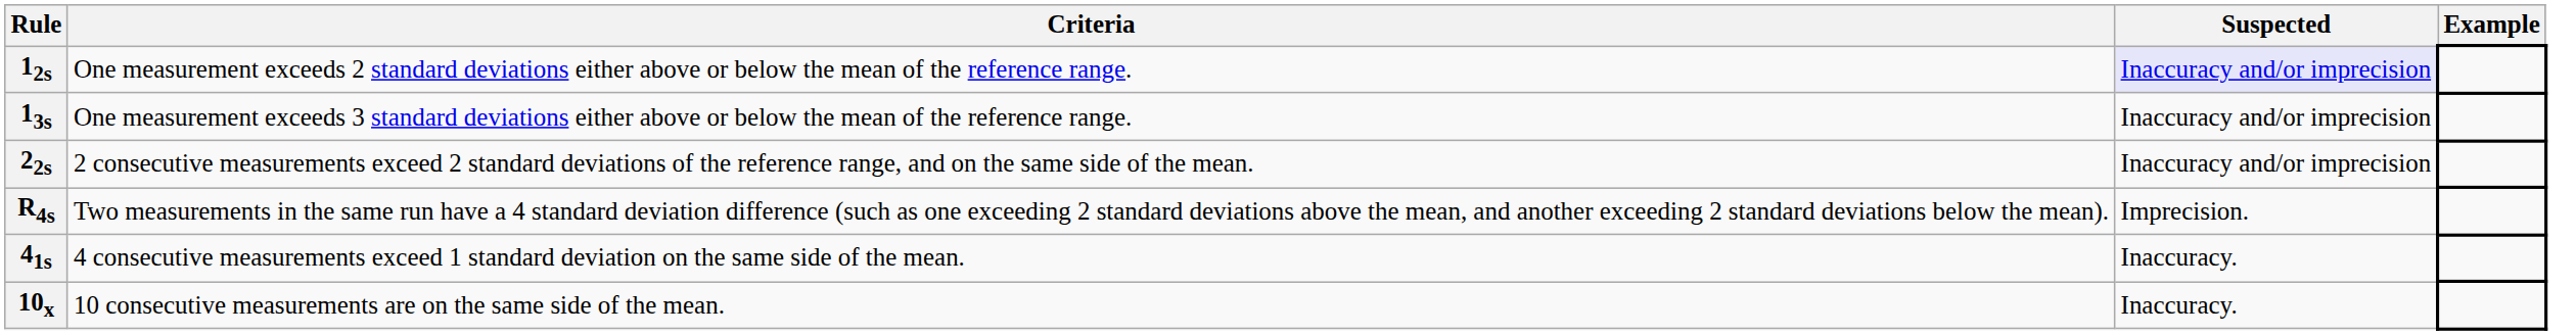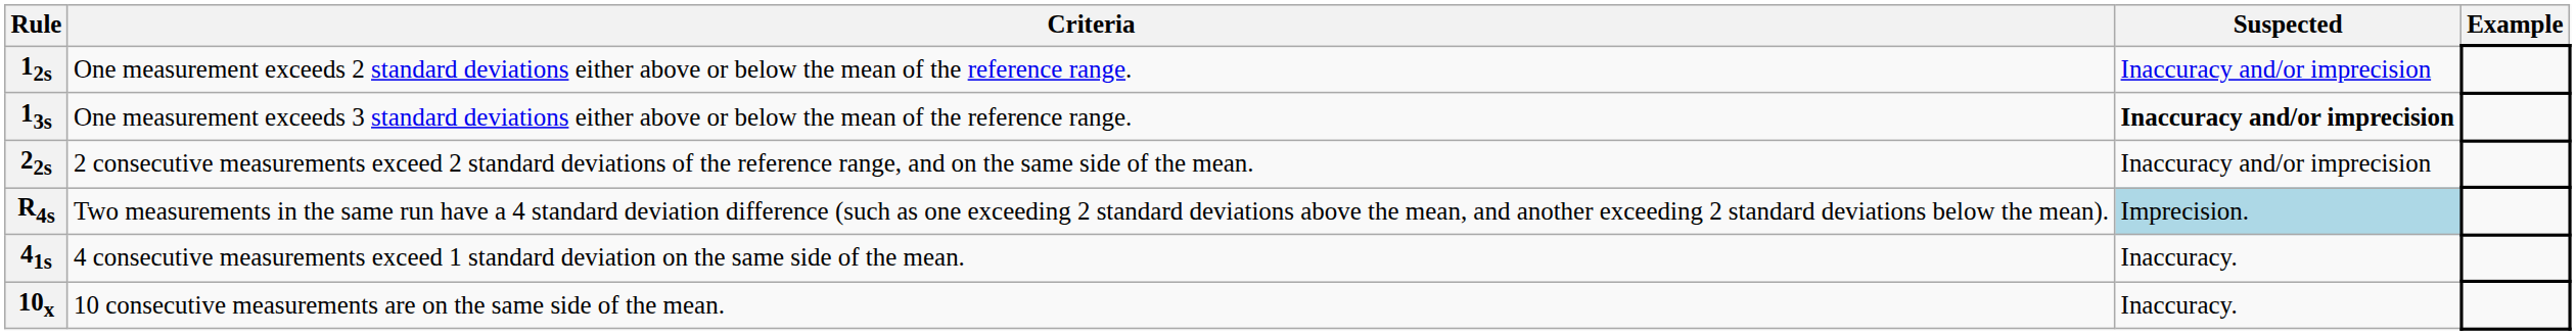 <table class=wikitable>
 <tr>
 <th>Rule</th>
 <th>Criteria</th>
 <th>Suspected</th>
 <th>Example</th>
 </tr>
 <tr>
 <th>1<sub>2s</sub></th>
 <td>One measurement exceeds 2 <a href='#'>standard deviations</a> either above or below the mean of the <a href='#'>reference range</a>.</td>
-<td style="background: lavender;"><a href='#'>Inaccuracy and/or imprecision</a></td>
+<td><a href='#'>Inaccuracy and/or imprecision</a></td>
 <td style="border: 2px solid"></td>
 </tr>
 <tr>
 <th>1<sub>3s</sub></th>
 <td>One measurement exceeds 3 <a href='#'>standard deviations</a> either above or below the mean of the reference range.</td>
-<td>Inaccuracy and/or imprecision</td>
+<td><strong>Inaccuracy and/or imprecision</strong></td>
 <td style="border: 2px solid"></td>
 </tr>
 <tr>
 <th>2<sub>2s</sub></th>
 <td>2 consecutive measurements exceed 2 standard deviations of the reference range, and on the same side of the mean.</td>
 <td>Inaccuracy and/or imprecision</td>
 <td style="border: 2px solid"></td>
 </tr>
 <tr>
 <th>R<sub>4s</sub></th>
 <td>Two measurements in the same run have a 4 standard deviation difference (such as one exceeding 2 standard deviations above the mean, and another exceeding 2 standard deviations below the mean).</td>
-<td>Imprecision.</td>
+<td style="background: lightblue;">Imprecision.</td>
 <td style="border: 2px solid"></td>
 </tr>
 <tr>
 <th>4<sub>1s</sub></th>
 <td>4 consecutive measurements exceed 1 standard deviation on the same side of the mean.</td>
 <td>Inaccuracy.</td>
 <td style="border: 2px solid"></td>
 </tr>
 <tr>
 <th>10<sub>x</sub></th>
 <td>10 consecutive measurements are on the same side of the mean.</td>
 <td>Inaccuracy.</td>
 <td style="border: 2px solid"></td>
 </tr>
 </table>
